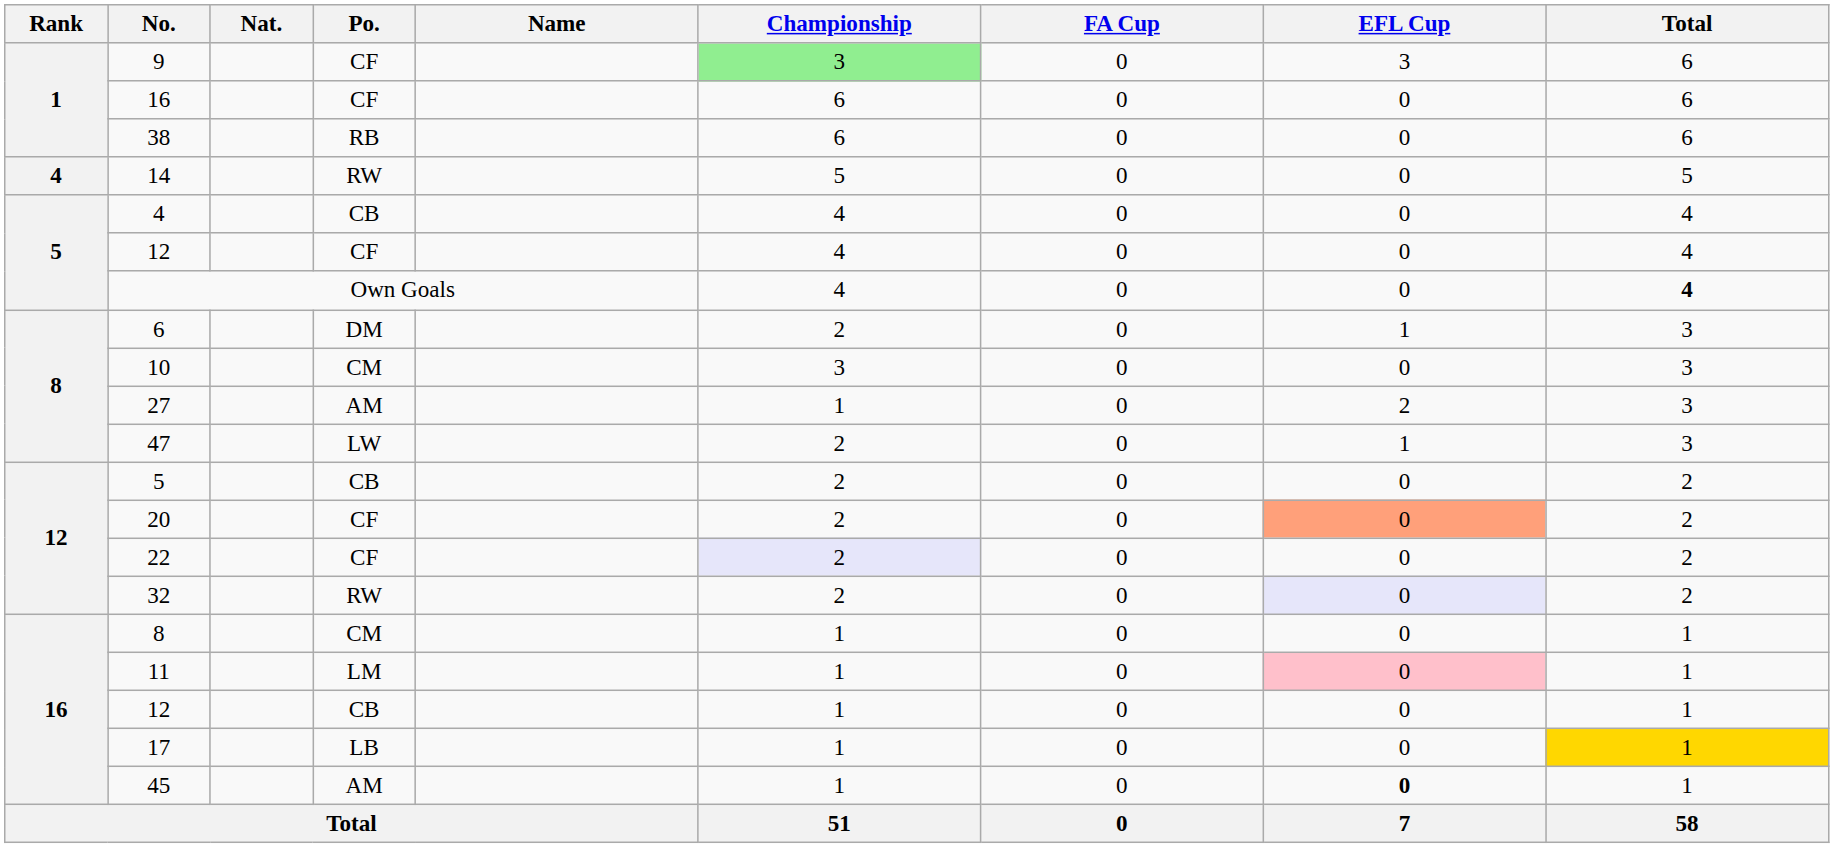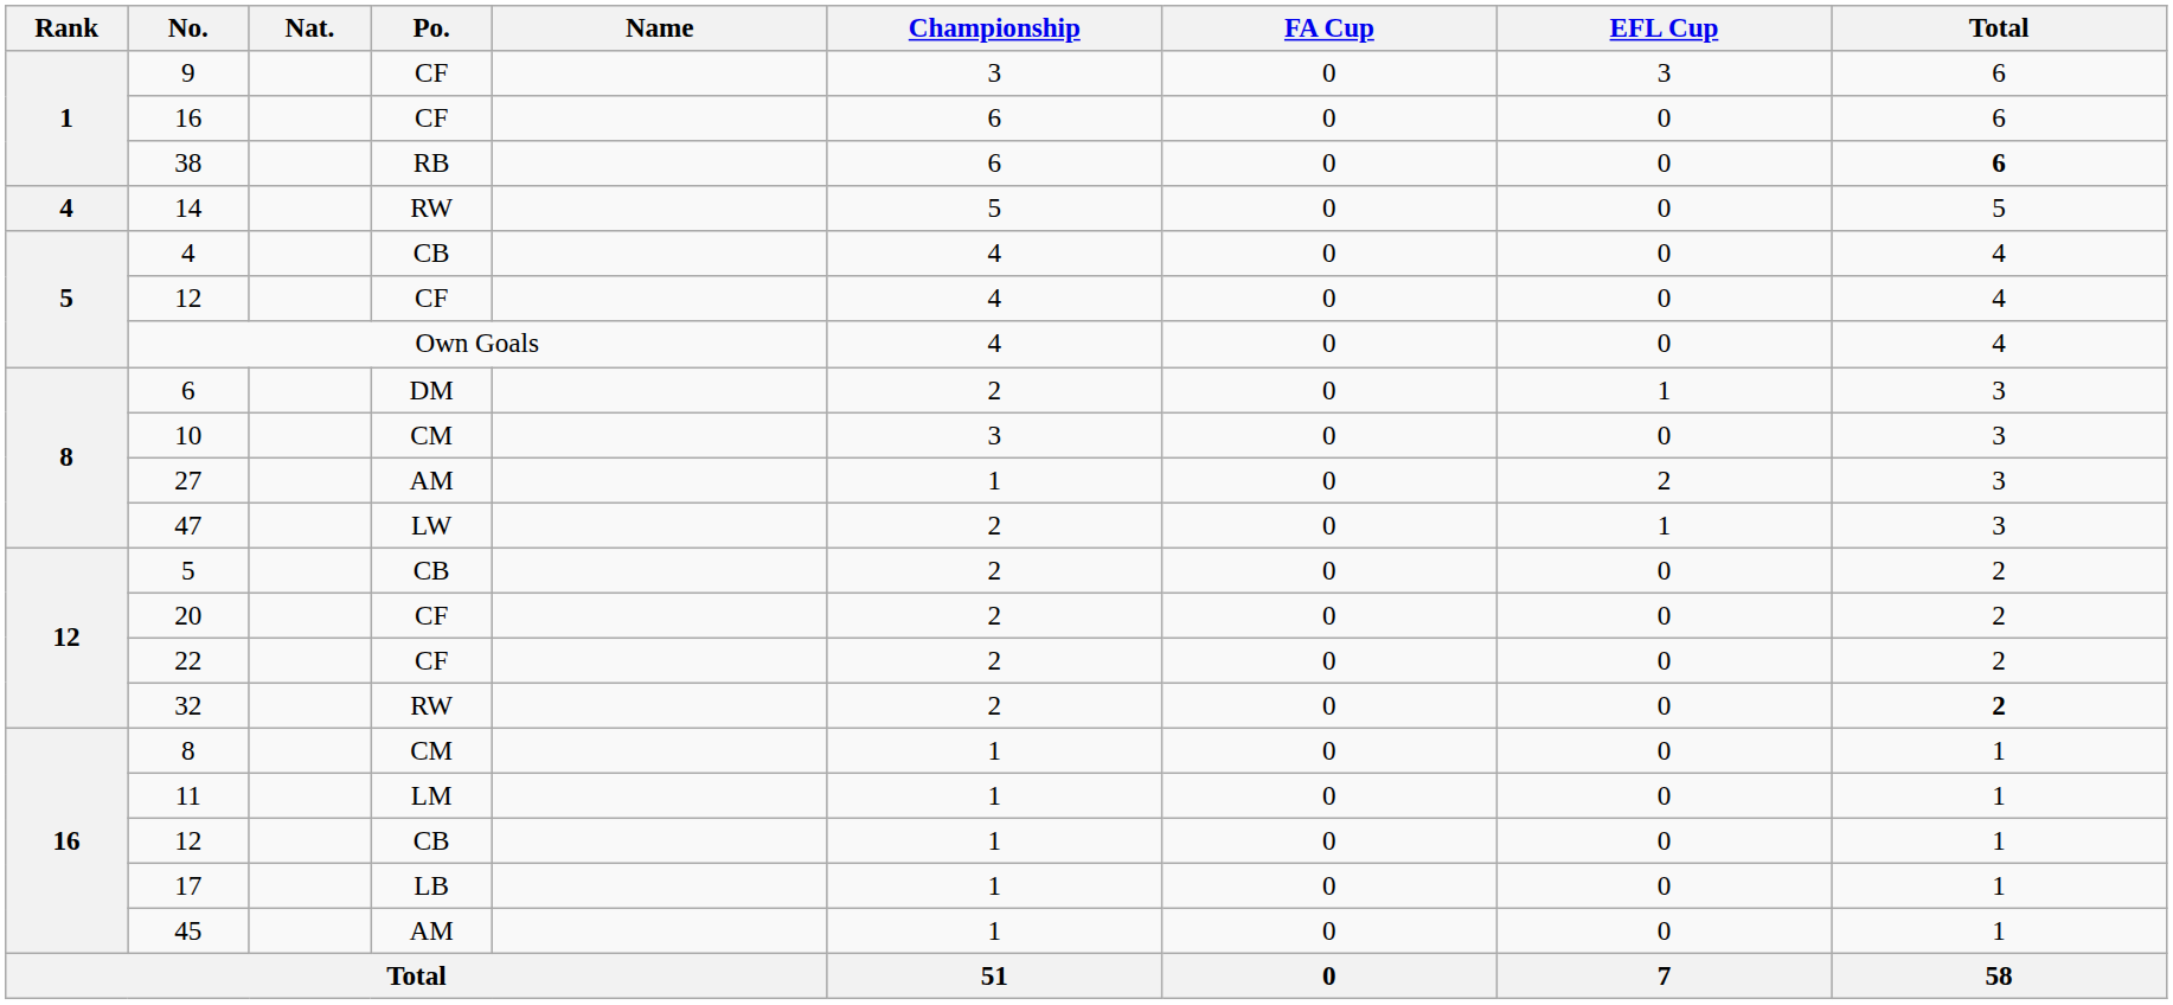 <table class="wikitable" style="text-align:center; font-size:95%; width:95%;">
 <tr>
 <th width=50px>Rank</th>
 <th width=50px>No.</th>
 <th width=50px>Nat.</th>
 <th width=50px>Po.</th>
 <th width=150px>Name</th>
 <th width=150px><a href='#'>Championship</a></th>
 <th width=150px><a href='#'>FA Cup</a></th>
 <th width=150px><a href='#'>EFL Cup</a></th>
 <th width=150px>Total</th>
 </tr>
 <tr>
 <th rowspan=3>1</th>
 <td>9</td>
 <td></td>
 <td>CF</td>
 <td></td>
-<td style="background: lightgreen;">3</td>
+<td>3</td>
 <td>0</td>
 <td>3</td>
 <td>6</td>
 </tr>
 <tr>
 <td>16</td>
 <td></td>
 <td>CF</td>
 <td></td>
 <td>6</td>
 <td>0</td>
 <td>0</td>
 <td>6</td>
 </tr>
 <tr>
 <td>38</td>
 <td></td>
 <td>RB</td>
 <td></td>
 <td>6</td>
 <td>0</td>
 <td>0</td>
-<td>6</td>
+<td><strong>6</strong></td>
 </tr>
 <tr>
 <th rowspan=1>4</th>
 <td>14</td>
 <td></td>
 <td>RW</td>
 <td></td>
 <td>5</td>
 <td>0</td>
 <td>0</td>
 <td>5</td>
 </tr>
 <tr>
 <th rowspan=3>5</th>
 <td>4</td>
 <td></td>
 <td>CB</td>
 <td></td>
 <td>4</td>
 <td>0</td>
 <td>0</td>
 <td>4</td>
 </tr>
 <tr>
 <td>12</td>
 <td></td>
 <td>CF</td>
 <td></td>
 <td>4</td>
 <td>0</td>
 <td>0</td>
 <td>4</td>
 </tr>
 <tr>
 <td colspan=4>Own Goals</td>
 <td>4</td>
 <td>0</td>
 <td>0</td>
-<td><strong>4</strong></td>
+<td>4</td>
 </tr>
 <tr>
 <th rowspan=4>8</th>
 <td>6</td>
 <td></td>
 <td>DM</td>
 <td></td>
 <td>2</td>
 <td>0</td>
 <td>1</td>
 <td>3</td>
 </tr>
 <tr>
 <td>10</td>
 <td></td>
 <td>CM</td>
 <td></td>
 <td>3</td>
 <td>0</td>
 <td>0</td>
 <td>3</td>
 </tr>
 <tr>
 <td>27</td>
 <td></td>
 <td>AM</td>
 <td></td>
 <td>1</td>
 <td>0</td>
 <td>2</td>
 <td>3</td>
 </tr>
 <tr>
 <td>47</td>
 <td></td>
 <td>LW</td>
 <td></td>
 <td>2</td>
 <td>0</td>
 <td>1</td>
 <td>3</td>
 </tr>
 <tr>
 <th rowspan=4>12</th>
 <td>5</td>
 <td></td>
 <td>CB</td>
 <td></td>
 <td>2</td>
 <td>0</td>
 <td>0</td>
 <td>2</td>
 </tr>
 <tr>
 <td>20</td>
 <td></td>
 <td>CF</td>
 <td></td>
 <td>2</td>
 <td>0</td>
-<td style="background: lightsalmon;">0</td>
+<td>0</td>
 <td>2</td>
 </tr>
 <tr>
 <td>22</td>
 <td></td>
 <td>CF</td>
 <td></td>
-<td style="background: lavender;">2</td>
+<td>2</td>
 <td>0</td>
 <td>0</td>
 <td>2</td>
 </tr>
 <tr>
 <td>32</td>
 <td></td>
 <td>RW</td>
 <td></td>
 <td>2</td>
 <td>0</td>
-<td style="background: lavender;">0</td>
-<td>2</td>
+<td>0</td>
+<td><strong>2</strong></td>
 </tr>
 <tr>
 <th rowspan=5>16</th>
 <td>8</td>
 <td></td>
 <td>CM</td>
 <td></td>
 <td>1</td>
 <td>0</td>
 <td>0</td>
 <td>1</td>
 </tr>
 <tr>
 <td>11</td>
 <td></td>
 <td>LM</td>
 <td></td>
 <td>1</td>
 <td>0</td>
-<td style="background: pink;">0</td>
+<td>0</td>
 <td>1</td>
 </tr>
 <tr>
 <td>12</td>
 <td></td>
 <td>CB</td>
 <td></td>
 <td>1</td>
 <td>0</td>
 <td>0</td>
 <td>1</td>
 </tr>
 <tr>
 <td>17</td>
 <td></td>
 <td>LB</td>
 <td></td>
 <td>1</td>
 <td>0</td>
 <td>0</td>
-<td style="background: gold;">1</td>
+<td>1</td>
 </tr>
 <tr>
 <td>45</td>
 <td></td>
 <td>AM</td>
 <td></td>
 <td>1</td>
 <td>0</td>
-<td><strong>0</strong></td>
+<td>0</td>
 <td>1</td>
 </tr>
 <tr>
 <th colspan=5>Total</th>
 <th>51</th>
 <th>0</th>
 <th>7</th>
 <th>58</th>
 </tr>
 </table>
